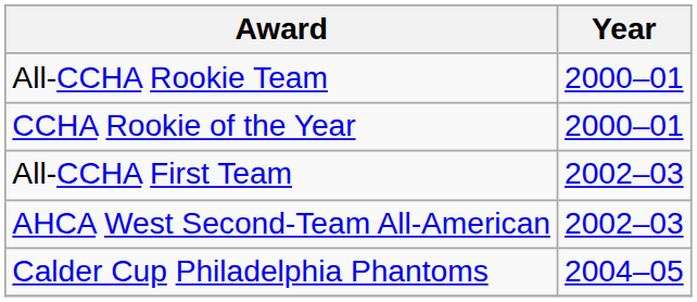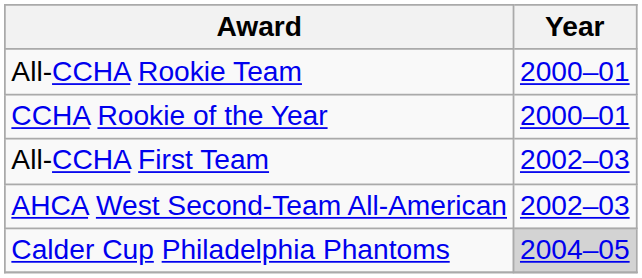 <table class="wikitable">
 <tr>
 <th>Award</th>
 <th>Year</th>
 </tr>
 <tr>
 <td>All-<a href='#'>CCHA</a> <a href='#'>Rookie Team</a></td>
 <td><a href='#'>2000–01</a></td>
 </tr>
 <tr>
 <td><a href='#'>CCHA</a> <a href='#'>Rookie of the Year</a></td>
 <td><a href='#'>2000–01</a></td>
 </tr>
 <tr>
 <td>All-<a href='#'>CCHA</a> <a href='#'>First Team</a></td>
 <td><a href='#'>2002–03</a></td>
 </tr>
 <tr>
 <td><a href='#'>AHCA</a> <a href='#'>West Second-Team All-American</a></td>
 <td><a href='#'>2002–03</a></td>
 </tr>
 <tr>
 <td><a href='#'>Calder Cup</a> <a href='#'>Philadelphia Phantoms</a></td>
-<td><a href='#'>2004–05</a></td>
+<td style="background: lightgrey;"><a href='#'>2004–05</a></td>
 </tr>
 <tr>
 </tr>
 </table>
